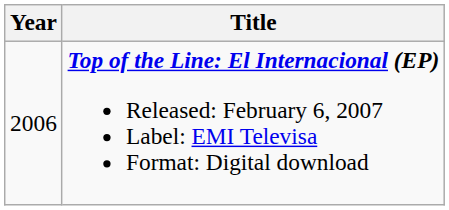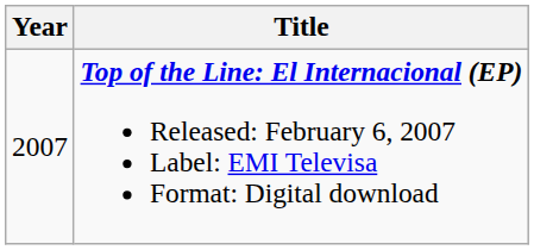 <table class="wikitable">
 <tr>
 <th align="center">Year</th>
 <th align="center">Title</th>
 </tr>
 <tr>
-<td align="center">2006</td>
+<td align="center">2007</td>
 <td><strong><em><a href='#'>Top of the Line: El Internacional</a> (EP)</em></strong><br><ul><li>Released: February 6, 2007</li><li>Label: <a href='#'>EMI Televisa</a></li><li>Format: Digital download</li></ul></td>
 </tr>
 </table>
